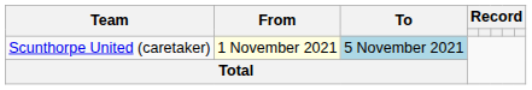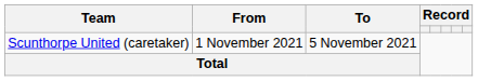 <table class="wikitable" style="text-align:center">
 <tr>
 <th rowspan="2">Team</th>
 <th rowspan="2">From</th>
 <th rowspan="2">To</th>
 <th colspan="5">Record</th>
 </tr>
 <tr>
 <th></th>
 <th></th>
 <th></th>
 <th></th>
 <th></th>
 </tr>
 <tr>
 <td align="left"><a href='#'>Scunthorpe United</a> (caretaker)</td>
-<td align="left" style="background: lightyellow;">1 November 2021</td>
-<td align="left" style="background: lightblue;">5 November 2021<br></td>
+<td align="left">1 November 2021</td>
+<td align="left">5 November 2021<br></td>
 </tr>
 <tr>
 <th colspan="3">Total<br></th>
 </tr>
 </table>
